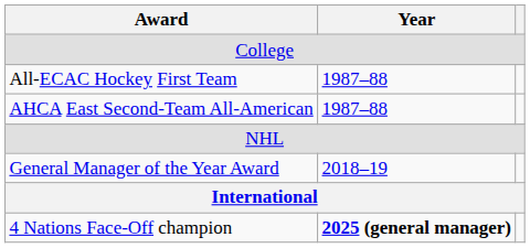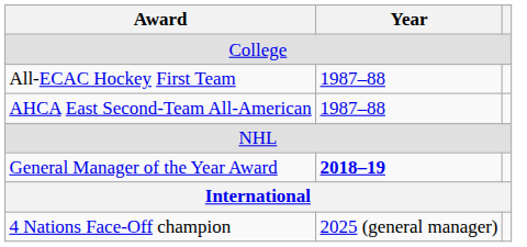 <table class="wikitable">
 <tr>
 <th>Award</th>
 <th>Year</th>
 <th></th>
 </tr>
 <tr ALIGN="center" bgcolor="#e0e0e0">
 <td colspan="3"><a href='#'>College</a></td>
 </tr>
 <tr>
 <td>All-<a href='#'>ECAC Hockey</a> <a href='#'>First Team</a></td>
 <td><a href='#'>1987–88</a></td>
 <td></td>
 </tr>
 <tr>
 <td><a href='#'>AHCA</a> <a href='#'>East Second-Team All-American</a></td>
 <td><a href='#'>1987–88</a></td>
 <td></td>
 </tr>
 <tr ALIGN="center" bgcolor="#e0e0e0">
 <td colspan="3"><a href='#'>NHL</a></td>
 </tr>
 <tr>
 <td><a href='#'>General Manager of the Year Award</a></td>
-<td><a href='#'>2018–19</a></td>
+<td><strong><a href='#'>2018–19</a></strong></td>
 <td></td>
 </tr>
 <tr>
 <th colspan="3"><a href='#'>International</a></th>
 </tr>
 <tr>
 <td><a href='#'>4 Nations Face-Off</a> champion</td>
-<td><strong><a href='#'>2025</a> (general manager)</strong></td>
+<td><a href='#'>2025</a> (general manager)</td>
 <td></td>
 </tr>
 </table>
